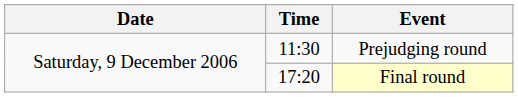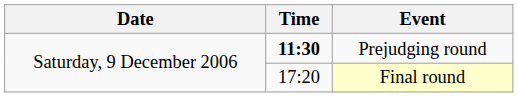 <table class = "wikitable" style="text-align:center;">
 <tr>
 <th width=220>Date</th>
 <th width=50>Time</th>
 <th width=150>Event</th>
 </tr>
 <tr>
 <td rowspan=2>Saturday, 9 December 2006</td>
-<td>11:30</td>
+<td><strong>11:30</strong></td>
 <td>Prejudging round</td>
 </tr>
 <tr>
 <td>17:20</td>
 <td bgcolor=ffffcc>Final round</td>
 </tr>
 </table>
